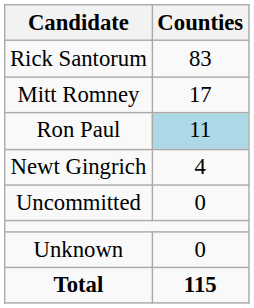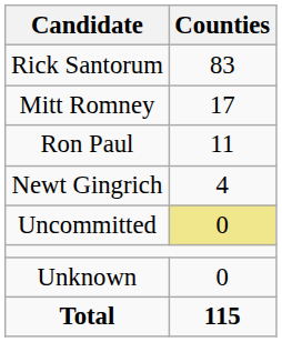 <table class="wikitable" style="text-align:center;">
 <tr>
 <th>Candidate</th>
 <th>Counties</th>
 </tr>
 <tr>
 <td>Rick Santorum</td>
 <td>83</td>
 </tr>
 <tr>
 <td>Mitt Romney</td>
 <td>17</td>
 </tr>
 <tr>
 <td>Ron Paul</td>
-<td style="background: lightblue;">11</td>
+<td>11</td>
 </tr>
 <tr>
 <td>Newt Gingrich</td>
 <td>4</td>
 </tr>
 <tr>
 <td>Uncommitted</td>
-<td>0</td>
+<td style="background: khaki;">0</td>
 </tr>
 <tr>
 <td colspan="2"></td>
 </tr>
 <tr>
 <td>Unknown</td>
 <td>0</td>
 </tr>
 <tr>
 <td><strong>Total</strong></td>
 <td><strong>115</strong></td>
 </tr>
 </table>
